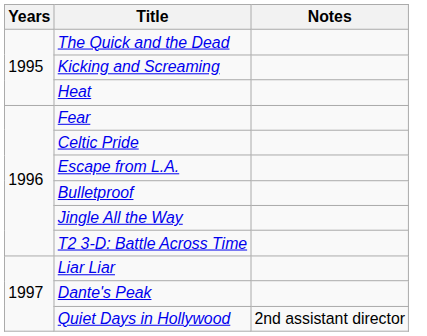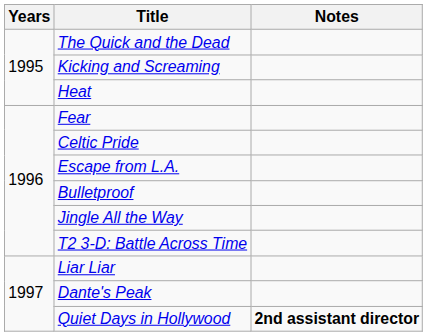 <table class="wikitable">
 <tr>
 <th>Years</th>
 <th>Title</th>
 <th>Notes</th>
 </tr>
 <tr>
 <td rowspan=3>1995</td>
 <td><em><a href='#'>The Quick and the Dead</a></em></td>
 <td></td>
 </tr>
 <tr>
 <td><em><a href='#'>Kicking and Screaming</a></em></td>
 <td></td>
 </tr>
 <tr>
 <td><em><a href='#'>Heat</a></em></td>
 <td></td>
 </tr>
 <tr>
 <td rowspan=6>1996</td>
 <td><em><a href='#'>Fear</a></em></td>
 <td></td>
 </tr>
 <tr>
 <td><em><a href='#'>Celtic Pride</a></em></td>
 <td></td>
 </tr>
 <tr>
 <td><em><a href='#'>Escape from L.A.</a></em></td>
 <td></td>
 </tr>
 <tr>
 <td><em><a href='#'>Bulletproof</a></em></td>
 <td></td>
 </tr>
 <tr>
 <td><em><a href='#'>Jingle All the Way</a></em></td>
 <td></td>
 </tr>
 <tr>
 <td><em><a href='#'>T2 3-D: Battle Across Time</a></em></td>
 <td></td>
 </tr>
 <tr>
 <td rowspan=3>1997</td>
 <td><em><a href='#'>Liar Liar</a></em></td>
 <td></td>
 </tr>
 <tr>
 <td><em><a href='#'>Dante's Peak</a></em></td>
 <td></td>
 </tr>
 <tr>
 <td><em><a href='#'>Quiet Days in Hollywood</a></em></td>
-<td>2nd assistant director</td>
+<td><strong>2nd assistant director</strong></td>
 </tr>
 </table>
